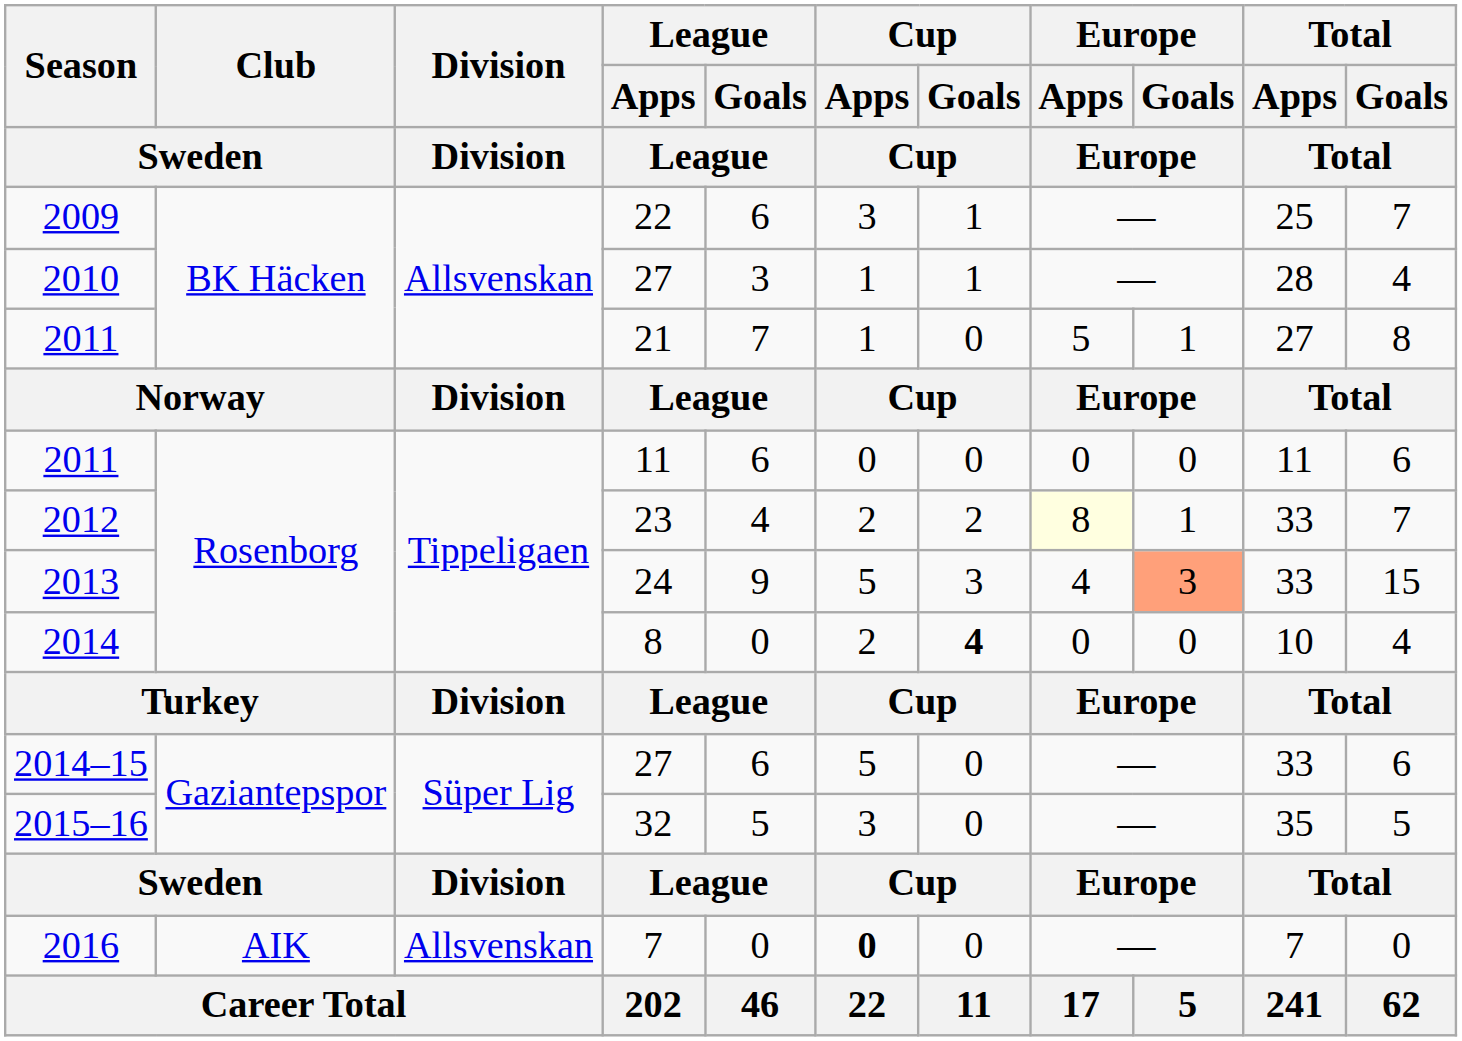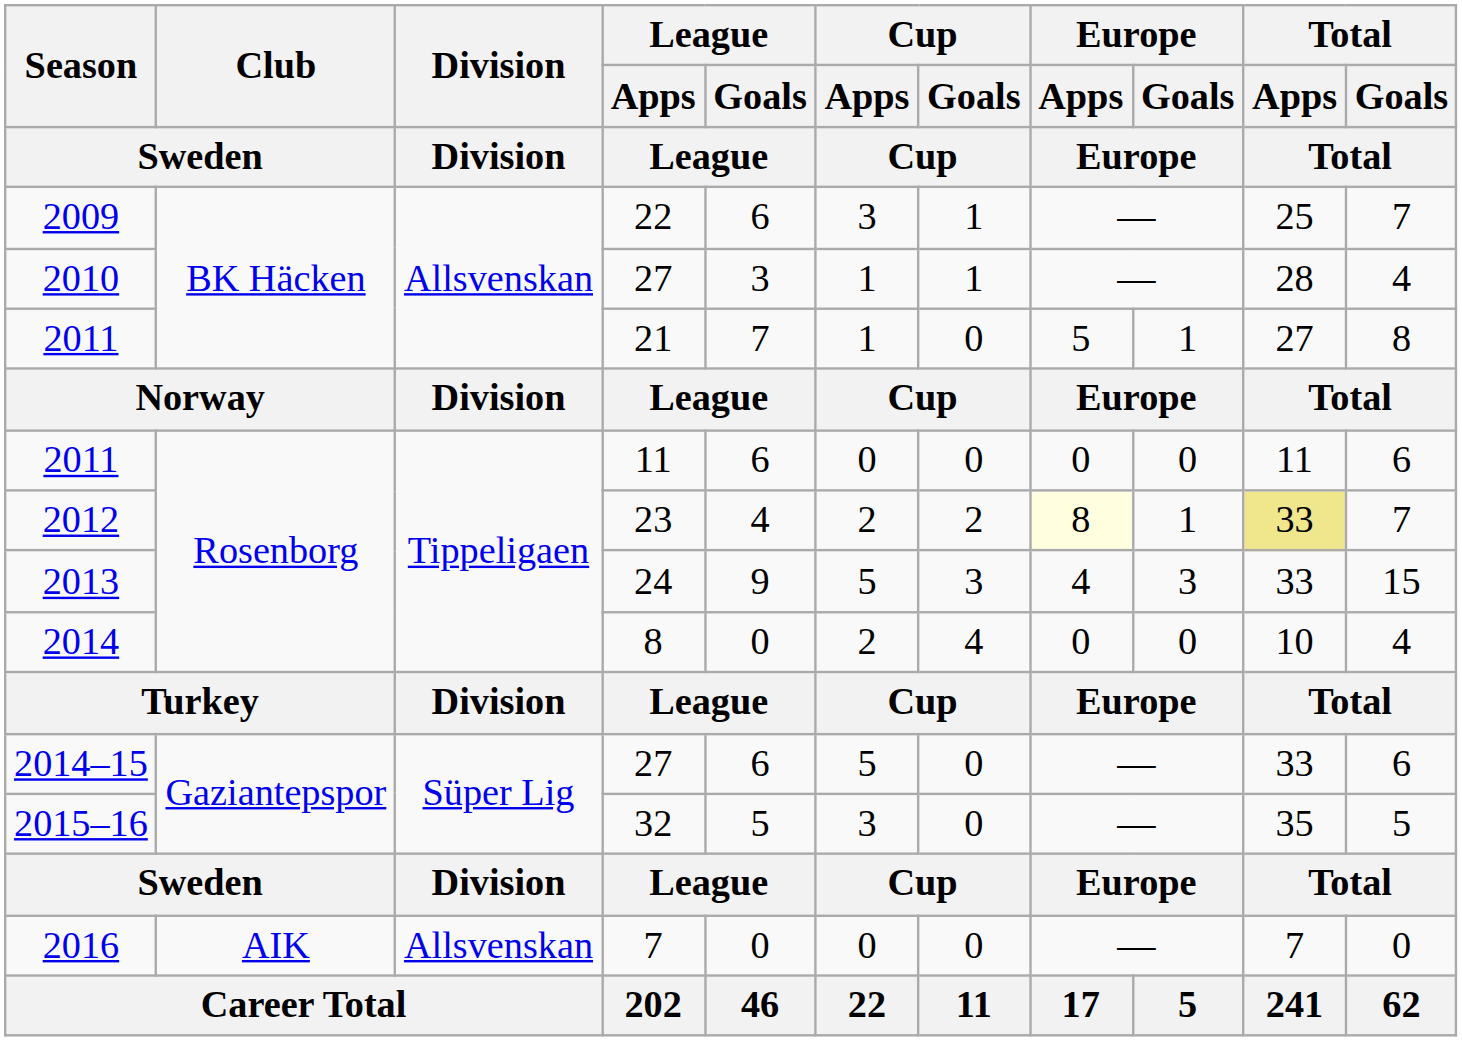 <table class="wikitable" style="text-align: center;">
 <tr>
 <th rowspan="2">Season</th>
 <th rowspan="2">Club</th>
 <th rowspan="2">Division</th>
 <th colspan="2">League</th>
 <th colspan="2">Cup</th>
 <th colspan="2">Europe</th>
 <th colspan="2">Total</th>
 </tr>
 <tr>
 <th>Apps</th>
 <th>Goals</th>
 <th>Apps</th>
 <th>Goals</th>
 <th>Apps</th>
 <th>Goals</th>
 <th>Apps</th>
 <th>Goals</th>
 </tr>
 <tr>
 <th colspan="2">Sweden</th>
 <th>Division</th>
 <th colspan="2">League</th>
 <th colspan="2">Cup</th>
 <th colspan="2">Europe</th>
 <th colspan="2">Total</th>
 </tr>
 <tr>
 <td><a href='#'>2009</a></td>
 <td rowspan="3"><a href='#'>BK Häcken</a></td>
 <td rowspan="3"><a href='#'>Allsvenskan</a></td>
 <td>22</td>
 <td>6</td>
 <td>3</td>
 <td>1</td>
 <td colspan="2">—</td>
 <td>25</td>
 <td>7</td>
 </tr>
 <tr>
 <td><a href='#'>2010</a></td>
 <td>27</td>
 <td>3</td>
 <td>1</td>
 <td>1</td>
 <td colspan="2">—</td>
 <td>28</td>
 <td>4</td>
 </tr>
 <tr>
 <td><a href='#'>2011</a></td>
 <td>21</td>
 <td>7</td>
 <td>1</td>
 <td>0</td>
 <td>5</td>
 <td>1</td>
 <td>27</td>
 <td>8</td>
 </tr>
 <tr>
 <th colspan="2">Norway</th>
 <th>Division</th>
 <th colspan="2">League</th>
 <th colspan="2">Cup</th>
 <th colspan="2">Europe</th>
 <th colspan="2">Total</th>
 </tr>
 <tr>
 <td><a href='#'>2011</a></td>
 <td rowspan="4"><a href='#'>Rosenborg</a></td>
 <td rowspan="4"><a href='#'>Tippeligaen</a></td>
 <td>11</td>
 <td>6</td>
 <td>0</td>
 <td>0</td>
 <td>0</td>
 <td>0</td>
 <td>11</td>
 <td>6</td>
 </tr>
 <tr>
 <td><a href='#'>2012</a></td>
 <td>23</td>
 <td>4</td>
 <td>2</td>
 <td>2</td>
 <td style="background: lightyellow;">8</td>
 <td>1</td>
-<td>33</td>
+<td style="background: khaki;">33</td>
 <td>7</td>
 </tr>
 <tr>
 <td><a href='#'>2013</a></td>
 <td>24</td>
 <td>9</td>
 <td>5</td>
 <td>3</td>
 <td>4</td>
-<td style="background: lightsalmon;">3</td>
+<td>3</td>
 <td>33</td>
 <td>15</td>
 </tr>
 <tr>
 <td><a href='#'>2014</a></td>
 <td>8</td>
 <td>0</td>
 <td>2</td>
-<td><strong>4</strong></td>
+<td>4</td>
 <td>0</td>
 <td>0</td>
 <td>10</td>
 <td>4</td>
 </tr>
 <tr>
 <th colspan="2">Turkey</th>
 <th>Division</th>
 <th colspan="2">League</th>
 <th colspan="2">Cup</th>
 <th colspan="2">Europe</th>
 <th colspan="2">Total</th>
 </tr>
 <tr>
 <td><a href='#'>2014–15</a></td>
 <td rowspan="2"><a href='#'>Gaziantepspor</a></td>
 <td rowspan="2"><a href='#'>Süper Lig</a></td>
 <td>27</td>
 <td>6</td>
 <td>5</td>
 <td>0</td>
 <td colspan="2">—</td>
 <td>33</td>
 <td>6</td>
 </tr>
 <tr>
 <td><a href='#'>2015–16</a></td>
 <td>32</td>
 <td>5</td>
 <td>3</td>
 <td>0</td>
 <td colspan="2">—</td>
 <td>35</td>
 <td>5</td>
 </tr>
 <tr>
 <th colspan="2">Sweden</th>
 <th>Division</th>
 <th colspan="2">League</th>
 <th colspan="2">Cup</th>
 <th colspan="2">Europe</th>
 <th colspan="2">Total</th>
 </tr>
 <tr>
 <td><a href='#'>2016</a></td>
 <td><a href='#'>AIK</a></td>
 <td><a href='#'>Allsvenskan</a></td>
 <td>7</td>
 <td>0</td>
-<td><strong>0</strong></td>
+<td>0</td>
 <td>0</td>
 <td colspan="2">—</td>
 <td>7</td>
 <td>0</td>
 </tr>
 <tr>
 <th colspan="3">Career Total</th>
 <th>202</th>
 <th>46</th>
 <th>22</th>
 <th>11</th>
 <th>17</th>
 <th>5</th>
 <th>241</th>
 <th>62</th>
 </tr>
 </table>
